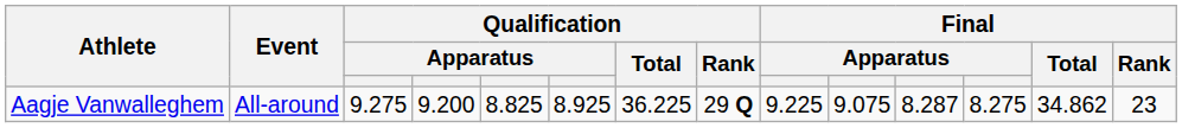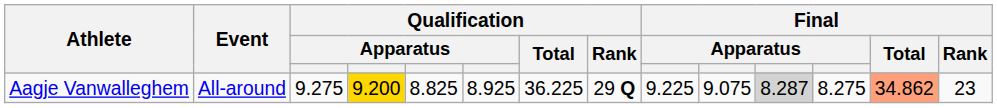 <table class="wikitable" style="font-size:90%;">
 <tr>
 <th rowspan=3>Athlete</th>
 <th rowspan=3>Event</th>
 <th colspan=6>Qualification</th>
 <th colspan=6>Final</th>
 </tr>
 <tr style="font-size:95%">
 <th colspan=4>Apparatus</th>
 <th rowspan=2>Total</th>
 <th rowspan=2>Rank</th>
 <th colspan=4>Apparatus</th>
 <th rowspan=2>Total</th>
 <th rowspan=2>Rank</th>
 </tr>
 <tr style="font-size:95%">
 <th></th>
 <th></th>
 <th></th>
 <th></th>
 <th></th>
 <th></th>
 <th></th>
 <th></th>
 </tr>
 <tr align=center>
 <td align=left><a href='#'>Aagje Vanwalleghem</a></td>
 <td align=left><a href='#'>All-around</a></td>
 <td>9.275</td>
-<td>9.200</td>
+<td style="background: gold;">9.200</td>
 <td>8.825</td>
 <td>8.925</td>
 <td>36.225</td>
 <td>29 <strong>Q</strong></td>
 <td>9.225</td>
 <td>9.075</td>
-<td>8.287</td>
+<td style="background: lightgrey;">8.287</td>
 <td>8.275</td>
-<td>34.862</td>
+<td style="background: lightsalmon;">34.862</td>
 <td>23</td>
 </tr>
 </table>
